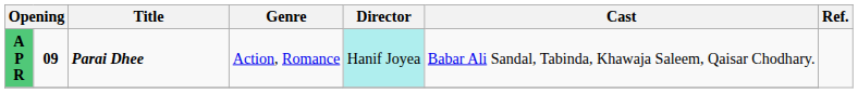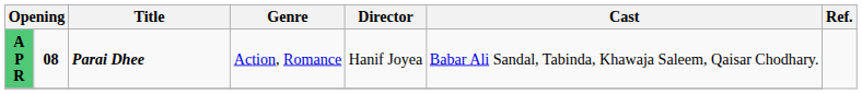 <table class="wikitable">
 <tr style="background:#b0e0e66; text-align:center;">
 <th colspan="2"><strong>Opening</strong></th>
 <th style="width:19%;"><strong>Title</strong></th>
 <th><strong>Genre</strong></th>
 <th><strong>Director</strong></th>
 <th><strong>Cast</strong></th>
 <th><strong>Ref.</strong></th>
 </tr>
 <tr>
 <td rowspan="1" style="text-align:center; background:#50c878;"><strong>A<br>P<br>R</strong></td>
-<td rowspan="1" style="text-align:center; textcolor:#000;"><strong>09</strong></td>
+<td rowspan="1" style="text-align:center; textcolor:#000;"><strong>08</strong></td>
 <td><strong><em>Parai Dhee</em></strong></td>
 <td><a href='#'>Action</a>, <a href='#'>Romance</a></td>
-<td style="background: paleturquoise;">Hanif Joyea</td>
+<td>Hanif Joyea</td>
 <td><a href='#'>Babar Ali</a> Sandal, Tabinda, Khawaja Saleem, Qaisar Chodhary.</td>
 </tr>
 <tr>
 </tr>
 </table>
